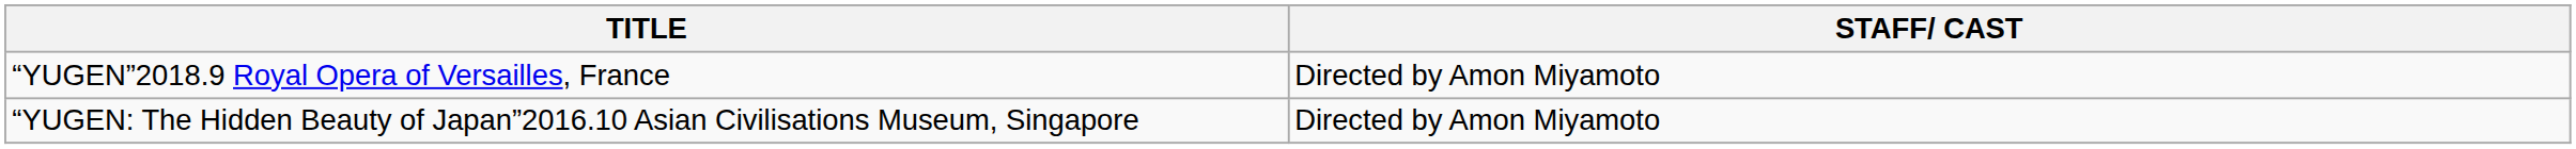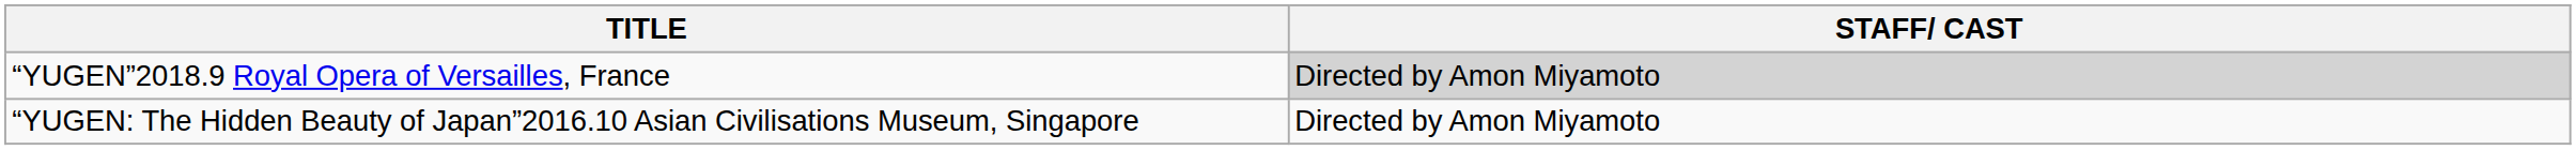 <table class="wikitable"  style="font-size:90%; width:100%;">
 <tr>
 <th>TITLE</th>
 <th>STAFF/ CAST</th>
 </tr>
 <tr valign="top">
 <td style="width:50%">“YUGEN”2018.9 <a href='#'>Royal Opera of Versailles</a>, France</td>
-<td>Directed by Amon Miyamoto</td>
+<td style="background: lightgrey;">Directed by Amon Miyamoto</td>
 </tr>
 <tr valign="top">
 <td style="width:50%">“YUGEN: The Hidden Beauty of Japan”2016.10 Asian Civilisations Museum, Singapore</td>
 <td>Directed by Amon Miyamoto</td>
 </tr>
 </table>
